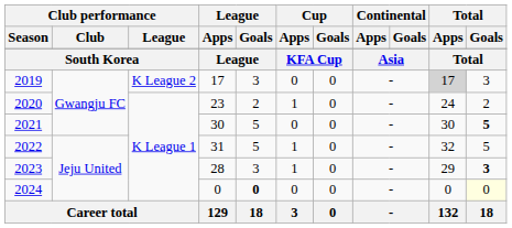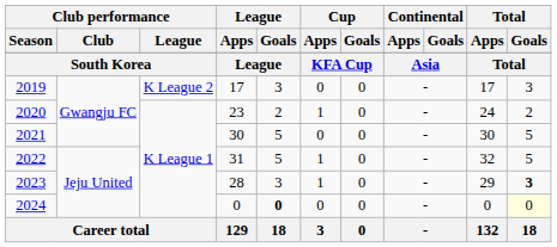 <table class="wikitable" style="text-align:center">
 <tr>
 <th colspan=3>Club performance</th>
 <th colspan=2>League</th>
 <th colspan=2>Cup</th>
 <th colspan=2>Continental</th>
 <th colspan=2>Total</th>
 </tr>
 <tr>
 <th>Season</th>
 <th>Club</th>
 <th>League</th>
 <th>Apps</th>
 <th>Goals</th>
 <th>Apps</th>
 <th>Goals</th>
 <th>Apps</th>
 <th>Goals</th>
 <th>Apps</th>
 <th>Goals</th>
 </tr>
 <tr>
 </tr>
 <tr>
 <th colspan=3>South Korea</th>
 <th colspan=2>League</th>
 <th colspan=2><a href='#'>KFA Cup</a></th>
 <th colspan=2><a href='#'>Asia</a></th>
 <th colspan=2>Total</th>
 </tr>
 <tr>
 <td><a href='#'>2019</a></td>
 <td rowspan="3"><a href='#'>Gwangju FC</a></td>
 <td rowspan="1"><a href='#'>K League 2</a></td>
 <td>17</td>
 <td>3</td>
 <td>0</td>
 <td>0</td>
 <td colspan="2">-</td>
-<td style="background: lightgrey;">17</td>
+<td>17</td>
 <td>3</td>
 </tr>
 <tr>
 <td><a href='#'>2020</a></td>
 <td rowspan="5"><a href='#'>K League 1</a></td>
 <td>23</td>
 <td>2</td>
 <td>1</td>
 <td>0</td>
 <td colspan="2">-</td>
 <td>24</td>
 <td>2</td>
 </tr>
 <tr>
 <td><a href='#'>2021</a></td>
 <td>30</td>
 <td>5</td>
 <td>0</td>
 <td>0</td>
 <td colspan="2">-</td>
 <td>30</td>
-<td><strong>5</strong></td>
+<td>5</td>
 </tr>
 <tr>
 <td><a href='#'>2022</a></td>
 <td rowspan="3"><a href='#'>Jeju United</a></td>
 <td>31</td>
 <td>5</td>
 <td>1</td>
 <td>0</td>
 <td colspan="2">-</td>
 <td>32</td>
 <td>5</td>
 </tr>
 <tr>
 <td><a href='#'>2023</a></td>
 <td>28</td>
 <td>3</td>
 <td>1</td>
 <td>0</td>
 <td colspan="2">-</td>
 <td>29</td>
 <td><strong>3</strong></td>
 </tr>
 <tr>
 <td><a href='#'>2024</a></td>
 <td>0</td>
 <td><strong>0</strong></td>
 <td>0</td>
 <td>0</td>
 <td colspan="2">-</td>
 <td>0</td>
 <td style="background: lightyellow;">0</td>
 </tr>
 <tr>
 <th colspan=3>Career total</th>
 <th>129</th>
 <th>18</th>
 <th>3</th>
 <th>0</th>
 <th colspan="2">-</th>
 <th>132</th>
 <th>18</th>
 </tr>
 </table>
